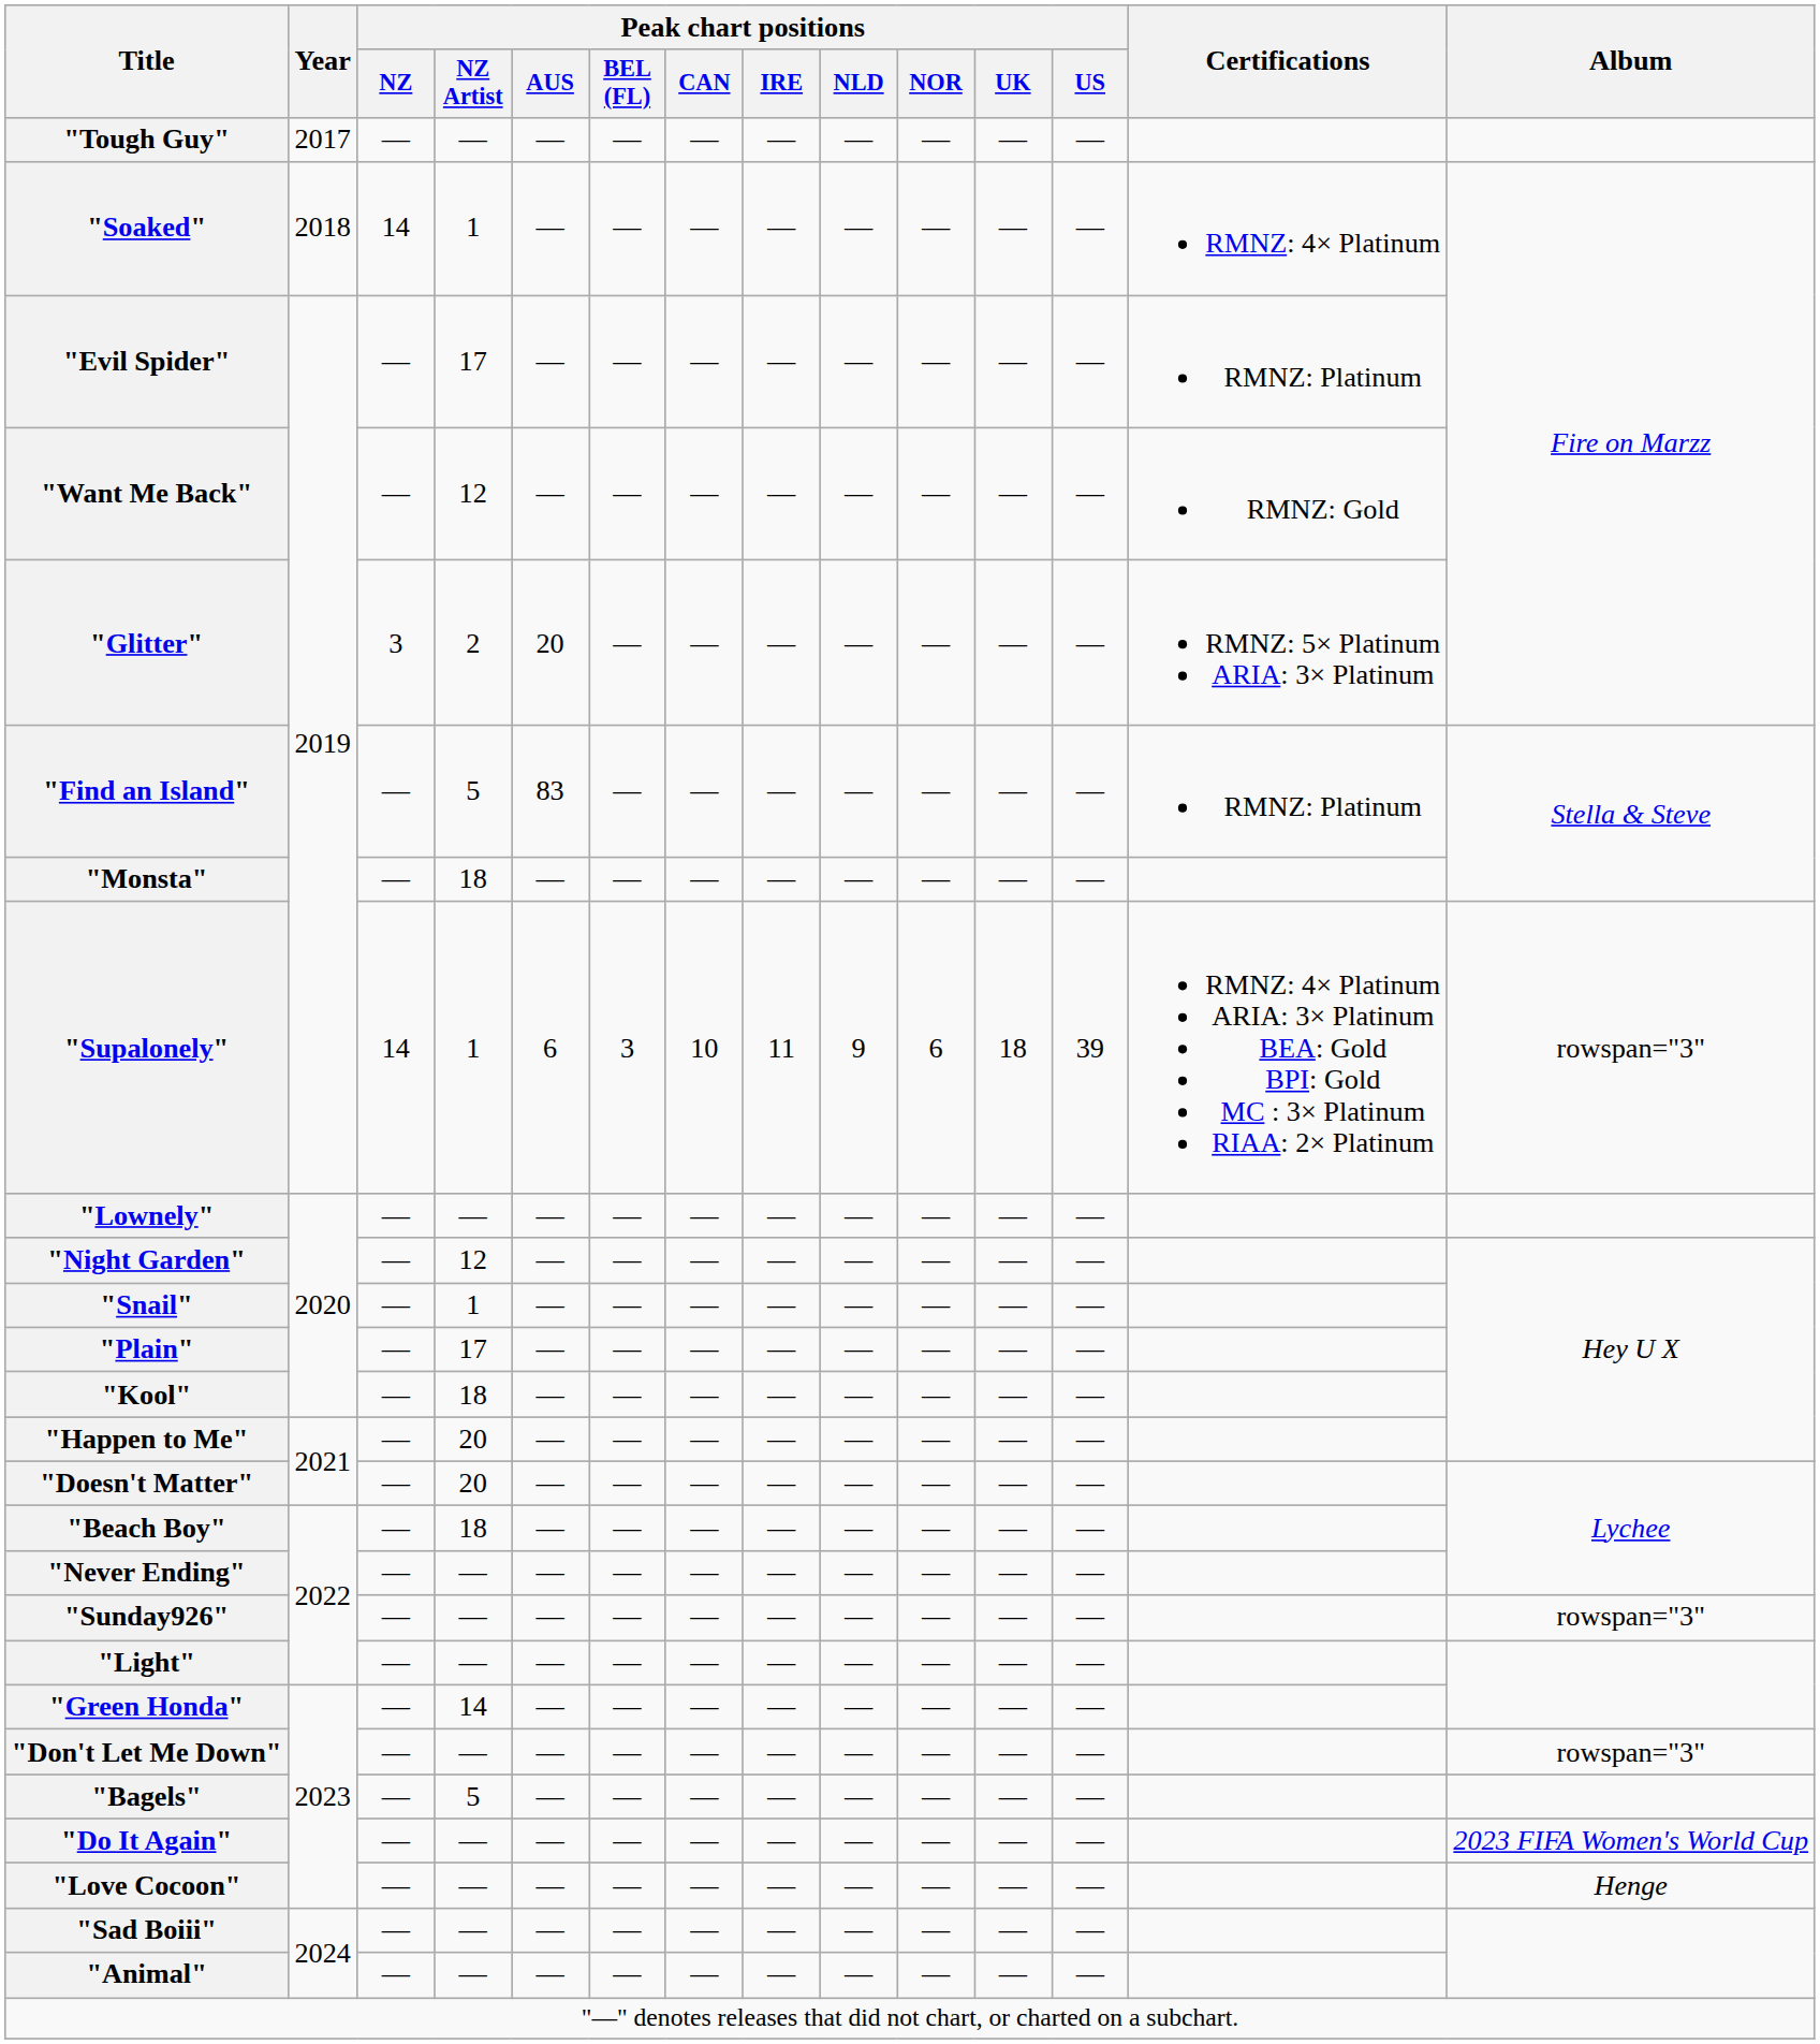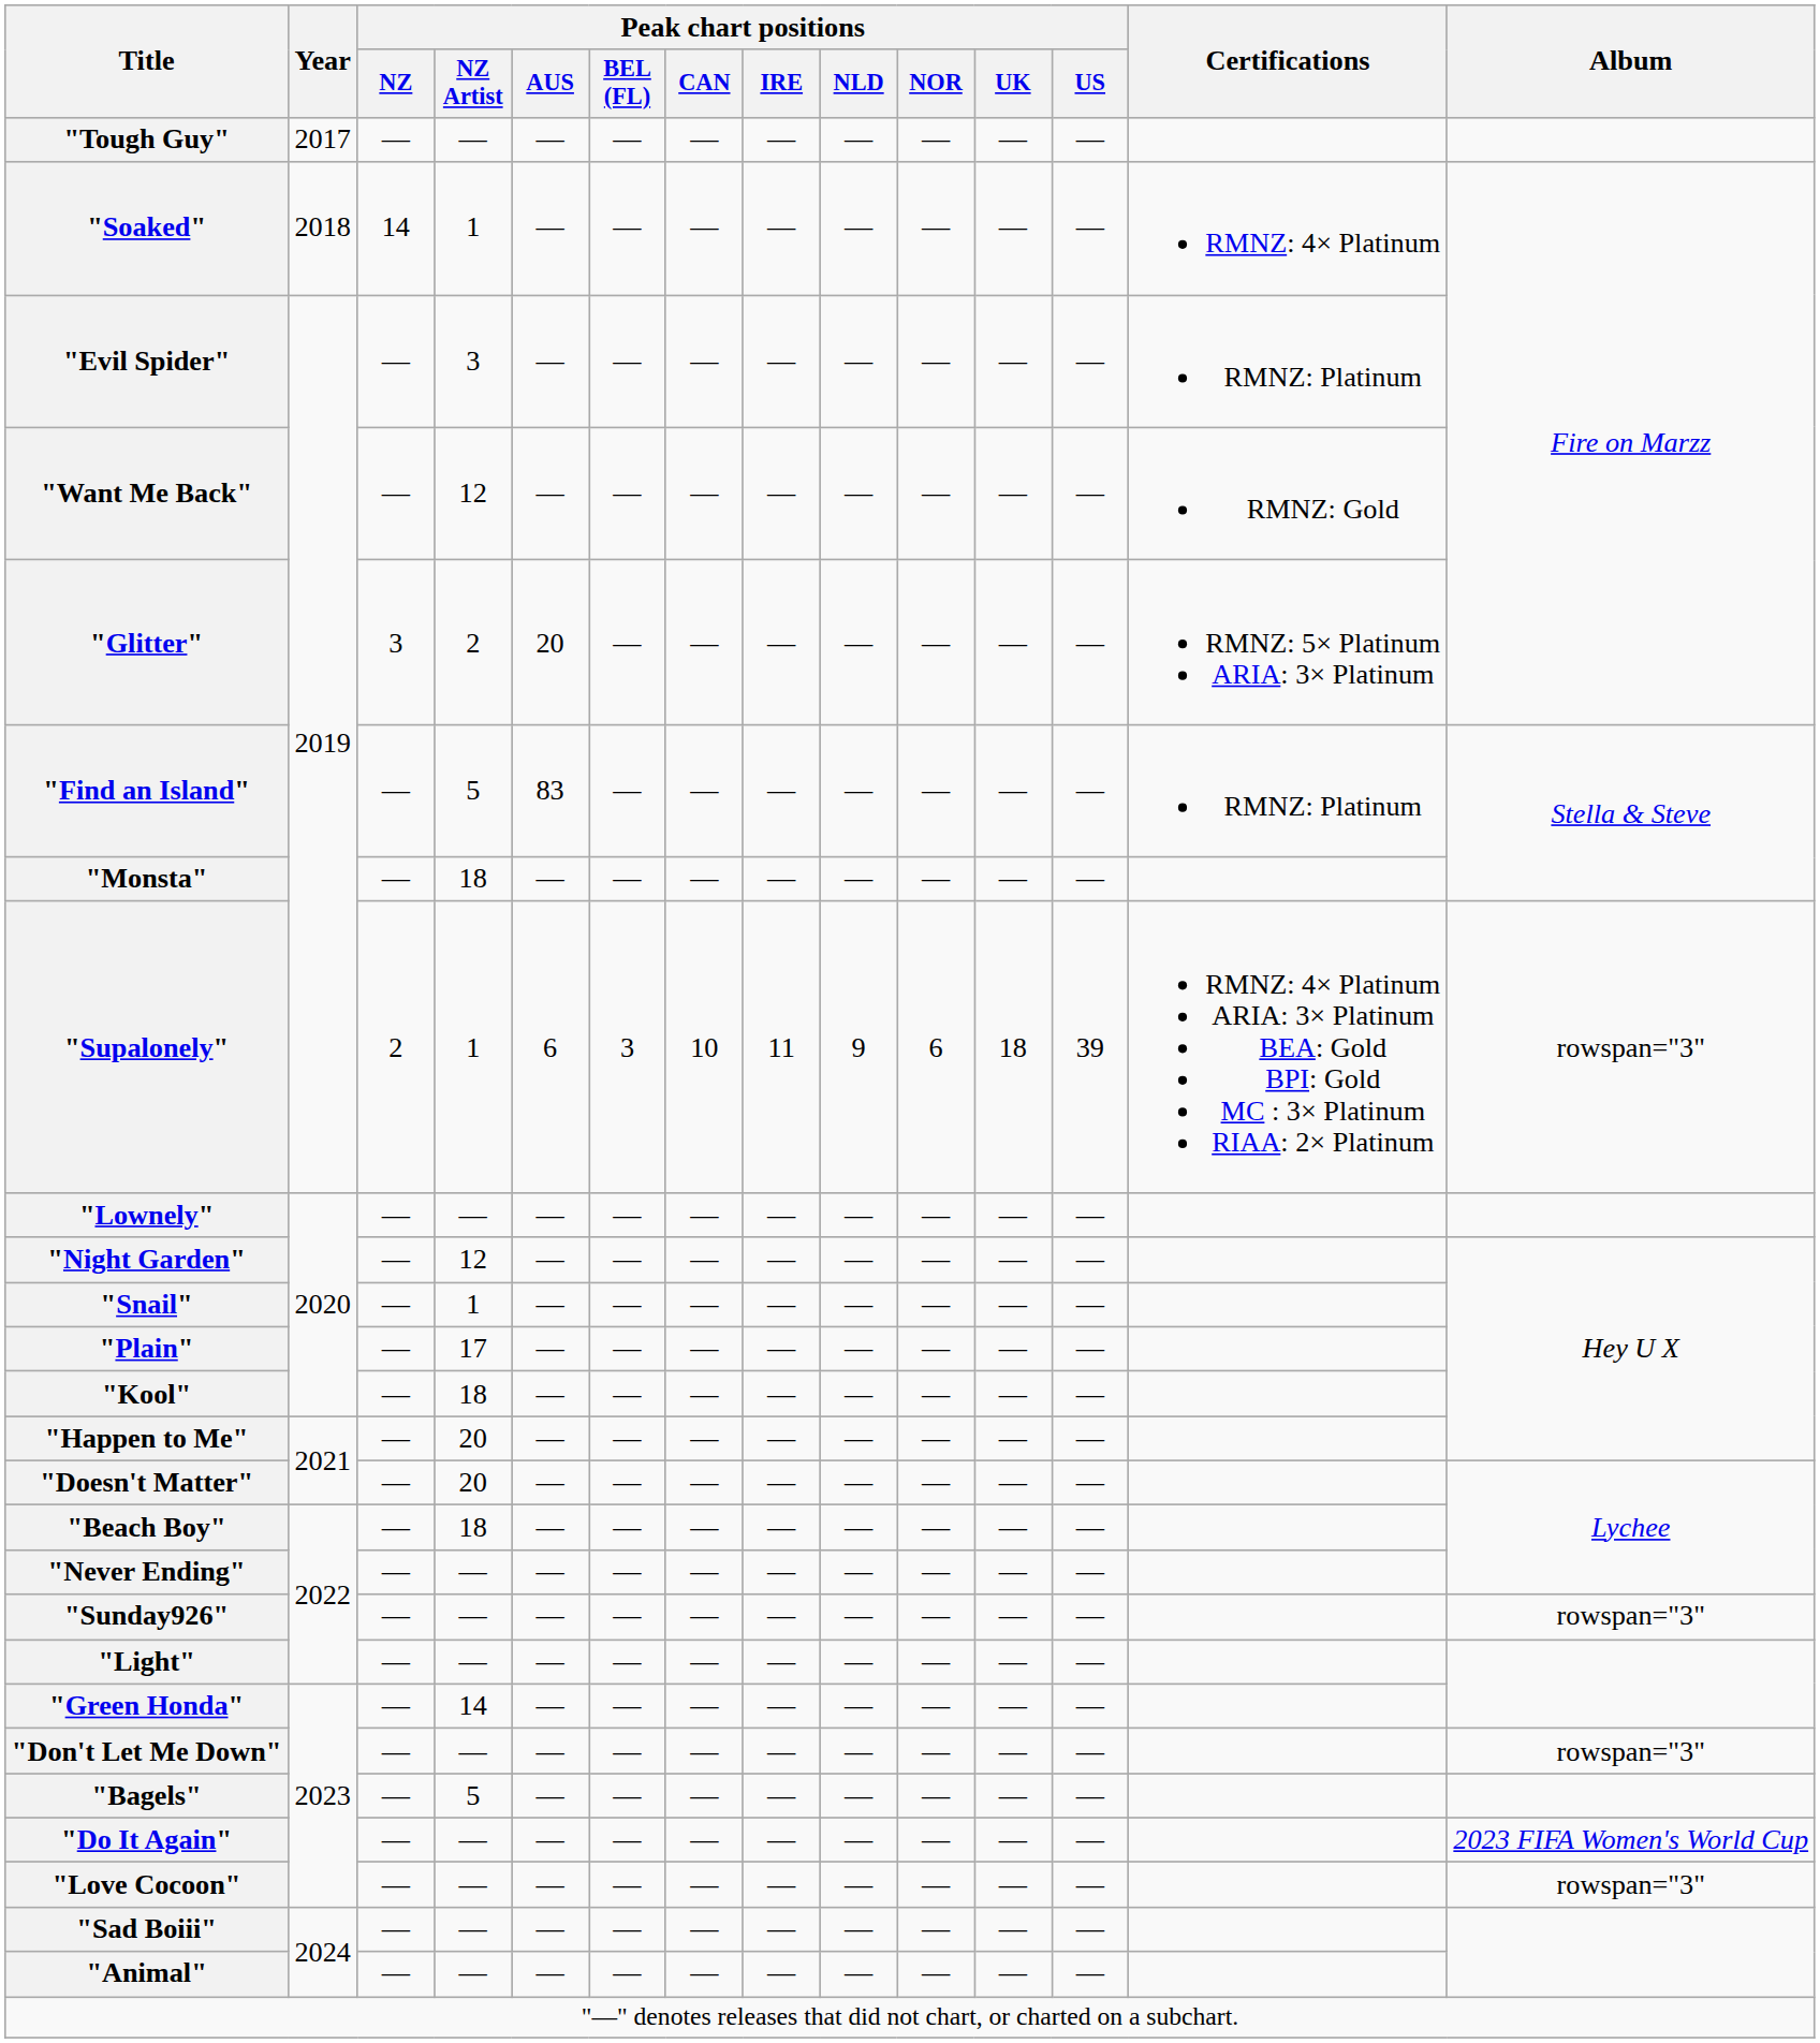 <table class="wikitable plainrowheaders" style="text-align:center;">
 <tr>
 <th scope="col" rowspan="2">Title</th>
 <th scope="col" rowspan="2">Year</th>
 <th scope="col" colspan="10">Peak chart positions</th>
 <th scope="col" rowspan="2">Certifications</th>
 <th scope="col" rowspan="2">Album</th>
 </tr>
 <tr>
 <th scope="col" style="width:2.75em;font-size:85%;"><a href='#'>NZ</a><br></th>
 <th scope="col" style="width:2.75em;font-size:85%;"><a href='#'>NZ<br>Artist</a><br></th>
 <th scope="col" style="width:2.75em;font-size:85%;"><a href='#'>AUS</a><br></th>
 <th scope="col" style="width:2.75em;font-size:85%;"><a href='#'>BEL<br>(FL)</a><br></th>
 <th scope="col" style="width:2.75em;font-size:85%;"><a href='#'>CAN</a><br></th>
 <th scope="col" style="width:2.75em;font-size:85%;"><a href='#'>IRE</a><br></th>
 <th scope="col" style="width:2.75em;font-size:85%;"><a href='#'>NLD</a><br></th>
 <th scope="col" style="width:2.75em;font-size:85%;"><a href='#'>NOR</a><br></th>
 <th scope="col" style="width:2.75em;font-size:85%;"><a href='#'>UK</a><br></th>
 <th scope="col" style="width:2.75em;font-size:85%;"><a href='#'>US</a><br></th>
 </tr>
 <tr>
 <th scope="row">"Tough Guy"</th>
 <td>2017</td>
 <td>—</td>
 <td>—</td>
 <td>—</td>
 <td>—</td>
 <td>—</td>
 <td>—</td>
 <td>—</td>
 <td>—</td>
 <td>—</td>
 <td>—</td>
 <td></td>
 <td></td>
 </tr>
 <tr>
 <th scope="row">"<a href='#'>Soaked</a>"</th>
 <td>2018</td>
 <td>14</td>
 <td>1</td>
 <td>—</td>
 <td>—</td>
 <td>—</td>
 <td>—</td>
 <td>—</td>
 <td>—</td>
 <td>—</td>
 <td>—</td>
 <td><br><ul><li><a href='#'>RMNZ</a>: 4× Platinum</li></ul></td>
 <td rowspan="4"><em><a href='#'>Fire on Marzz</a></em></td>
 </tr>
 <tr>
 <th scope="row">"Evil Spider"</th>
 <td rowspan="6">2019</td>
 <td>—</td>
-<td>17</td>
+<td>3</td>
 <td>—</td>
 <td>—</td>
 <td>—</td>
 <td>—</td>
 <td>—</td>
 <td>—</td>
 <td>—</td>
 <td>—</td>
 <td><br><ul><li>RMNZ: Platinum</li></ul></td>
 </tr>
 <tr>
 <th scope="row">"Want Me Back"</th>
 <td>—</td>
 <td>12</td>
 <td>—</td>
 <td>—</td>
 <td>—</td>
 <td>—</td>
 <td>—</td>
 <td>—</td>
 <td>—</td>
 <td>—</td>
 <td><br><ul><li>RMNZ: Gold</li></ul></td>
 </tr>
 <tr>
 <th scope="row">"<a href='#'>Glitter</a>"</th>
 <td>3</td>
 <td>2</td>
 <td>20</td>
 <td>—</td>
 <td>—</td>
 <td>—</td>
 <td>—</td>
 <td>—</td>
 <td>—</td>
 <td>—</td>
 <td><br><ul><li>RMNZ: 5× Platinum</li><li><a href='#'>ARIA</a>: 3× Platinum</li></ul></td>
 </tr>
 <tr>
 <th scope="row">"<a href='#'>Find an Island</a>"</th>
 <td>—</td>
 <td>5</td>
 <td>83</td>
 <td>—</td>
 <td>—</td>
 <td>—</td>
 <td>—</td>
 <td>—</td>
 <td>—</td>
 <td>—</td>
 <td><br><ul><li>RMNZ: Platinum</li></ul></td>
 <td rowspan="2"><em><a href='#'>Stella & Steve</a></em></td>
 </tr>
 <tr>
 <th scope="row">"Monsta"</th>
 <td>—</td>
 <td>18</td>
 <td>—</td>
 <td>—</td>
 <td>—</td>
 <td>—</td>
 <td>—</td>
 <td>—</td>
 <td>—</td>
 <td>—</td>
 <td></td>
 </tr>
 <tr>
 <th scope="row">"<a href='#'>Supalonely</a>"<br></th>
-<td>14</td>
+<td>2</td>
 <td>1</td>
 <td>6</td>
 <td>3</td>
 <td>10</td>
 <td>11</td>
 <td>9</td>
 <td>6</td>
 <td>18</td>
 <td>39</td>
 <td><br><ul><li>RMNZ: 4× Platinum</li><li>ARIA: 3× Platinum</li><li><a href='#'>BEA</a>: Gold</li><li><a href='#'>BPI</a>: Gold</li><li><a href='#'>MC</a> : 3× Platinum</li><li><a href='#'>RIAA</a>: 2× Platinum</li></ul></td>
 <td>rowspan="3" </td>
 </tr>
 <tr>
 <th scope="row">"<a href='#'>Lownely</a>"</th>
 <td rowspan="5">2020</td>
 <td>—</td>
 <td>—</td>
 <td>—</td>
 <td>—</td>
 <td>—</td>
 <td>—</td>
 <td>—</td>
 <td>—</td>
 <td>—</td>
 <td>—</td>
 <td></td>
 <td></td>
 </tr>
 <tr>
 <th scope="row">"<a href='#'>Night Garden</a>"<br></th>
 <td>—</td>
 <td>12</td>
 <td>—</td>
 <td>—</td>
 <td>—</td>
 <td>—</td>
 <td>—</td>
 <td>—</td>
 <td>—</td>
 <td>—</td>
 <td></td>
 <td rowspan="5"><em>Hey U X</em></td>
 </tr>
 <tr>
 <th scope="row">"<a href='#'>Snail</a>"</th>
 <td>—</td>
 <td>1</td>
 <td>—</td>
 <td>—</td>
 <td>—</td>
 <td>—</td>
 <td>—</td>
 <td>—</td>
 <td>—</td>
 <td>—</td>
 <td></td>
 </tr>
 <tr>
 <th scope="row">"<a href='#'>Plain</a>"<br></th>
 <td>—</td>
 <td>17</td>
 <td>—</td>
 <td>—</td>
 <td>—</td>
 <td>—</td>
 <td>—</td>
 <td>—</td>
 <td>—</td>
 <td>—</td>
 <td></td>
 </tr>
 <tr>
 <th scope="row">"Kool"</th>
 <td>—</td>
 <td>18</td>
 <td>—</td>
 <td>—</td>
 <td>—</td>
 <td>—</td>
 <td>—</td>
 <td>—</td>
 <td>—</td>
 <td>—</td>
 <td></td>
 </tr>
 <tr>
 <th scope="row">"Happen to Me"</th>
 <td rowspan="2">2021</td>
 <td>—</td>
 <td>20</td>
 <td>—</td>
 <td>—</td>
 <td>—</td>
 <td>—</td>
 <td>—</td>
 <td>—</td>
 <td>—</td>
 <td>—</td>
 <td></td>
 </tr>
 <tr>
 <th scope="row">"Doesn't Matter"</th>
 <td>—</td>
 <td>20</td>
 <td>—</td>
 <td>—</td>
 <td>—</td>
 <td>—</td>
 <td>—</td>
 <td>—</td>
 <td>—</td>
 <td>—</td>
 <td></td>
 <td rowspan="3"><em><a href='#'>Lychee</a></em></td>
 </tr>
 <tr>
 <th scope="row">"Beach Boy"</th>
 <td rowspan="4">2022</td>
 <td>—</td>
 <td>18</td>
 <td>—</td>
 <td>—</td>
 <td>—</td>
 <td>—</td>
 <td>—</td>
 <td>—</td>
 <td>—</td>
 <td>—</td>
 <td></td>
 </tr>
 <tr>
 <th scope="row">"Never Ending"</th>
 <td>—</td>
 <td>—</td>
 <td>—</td>
 <td>—</td>
 <td>—</td>
 <td>—</td>
 <td>—</td>
 <td>—</td>
 <td>—</td>
 <td>—</td>
 <td></td>
 </tr>
 <tr>
 <th scope="row">"Sunday926"<br></th>
 <td>—</td>
 <td>—</td>
 <td>—</td>
 <td>—</td>
 <td>—</td>
 <td>—</td>
 <td>—</td>
 <td>—</td>
 <td>—</td>
 <td>—</td>
 <td></td>
 <td>rowspan="3" </td>
 </tr>
 <tr>
 <th scope="row">"Light"<br></th>
 <td>—</td>
 <td>—</td>
 <td>—</td>
 <td>—</td>
 <td>—</td>
 <td>—</td>
 <td>—</td>
 <td>—</td>
 <td>—</td>
 <td>—</td>
 <td></td>
 </tr>
 <tr>
 <th scope="row">"<a href='#'>Green Honda</a>"</th>
 <td rowspan="5">2023</td>
 <td>—</td>
 <td>14</td>
 <td>—</td>
 <td>—</td>
 <td>—</td>
 <td>—</td>
 <td>—</td>
 <td>—</td>
 <td>—</td>
 <td>—</td>
 <td></td>
 </tr>
 <tr>
 <th scope="row">"Don't Let Me Down"<br></th>
 <td>—</td>
 <td>—</td>
 <td>—</td>
 <td>—</td>
 <td>—</td>
 <td>—</td>
 <td>—</td>
 <td>—</td>
 <td>—</td>
 <td>—</td>
 <td></td>
 <td>rowspan="3" </td>
 </tr>
 <tr>
 <th scope="row">"Bagels"</th>
 <td>—</td>
 <td>5</td>
 <td>—</td>
 <td>—</td>
 <td>—</td>
 <td>—</td>
 <td>—</td>
 <td>—</td>
 <td>—</td>
 <td>—</td>
 <td></td>
 <td></td>
 </tr>
 <tr>
 <th scope="row">"<a href='#'>Do It Again</a>"<br></th>
 <td>—</td>
 <td>—</td>
 <td>—</td>
 <td>—</td>
 <td>—</td>
 <td>—</td>
 <td>—</td>
 <td>—</td>
 <td>—</td>
 <td>—</td>
 <td></td>
 <td><em><a href='#'>2023 FIFA Women's World Cup</a></em></td>
 </tr>
 <tr>
 <th scope="row">"Love Cocoon"<br></th>
 <td>—</td>
 <td>—</td>
 <td>—</td>
 <td>—</td>
 <td>—</td>
 <td>—</td>
 <td>—</td>
 <td>—</td>
 <td>—</td>
 <td>—</td>
 <td></td>
-<td><em>Henge</em></td>
+<td>rowspan="3" </td>
 </tr>
 <tr>
 <th scope="row">"Sad Boiii"</th>
 <td rowspan="2">2024</td>
 <td>—</td>
 <td>—</td>
 <td>—</td>
 <td>—</td>
 <td>—</td>
 <td>—</td>
 <td>—</td>
 <td>—</td>
 <td>—</td>
 <td>—</td>
 <td></td>
 </tr>
 <tr>
 <th scope="row">"Animal"</th>
 <td>—</td>
 <td>—</td>
 <td>—</td>
 <td>—</td>
 <td>—</td>
 <td>—</td>
 <td>—</td>
 <td>—</td>
 <td>—</td>
 <td>—</td>
 <td></td>
 </tr>
 <tr>
 <td colspan="14" style="font-size:90%">"—" denotes releases that did not chart, or charted on a subchart.</td>
 </tr>
 </table>
